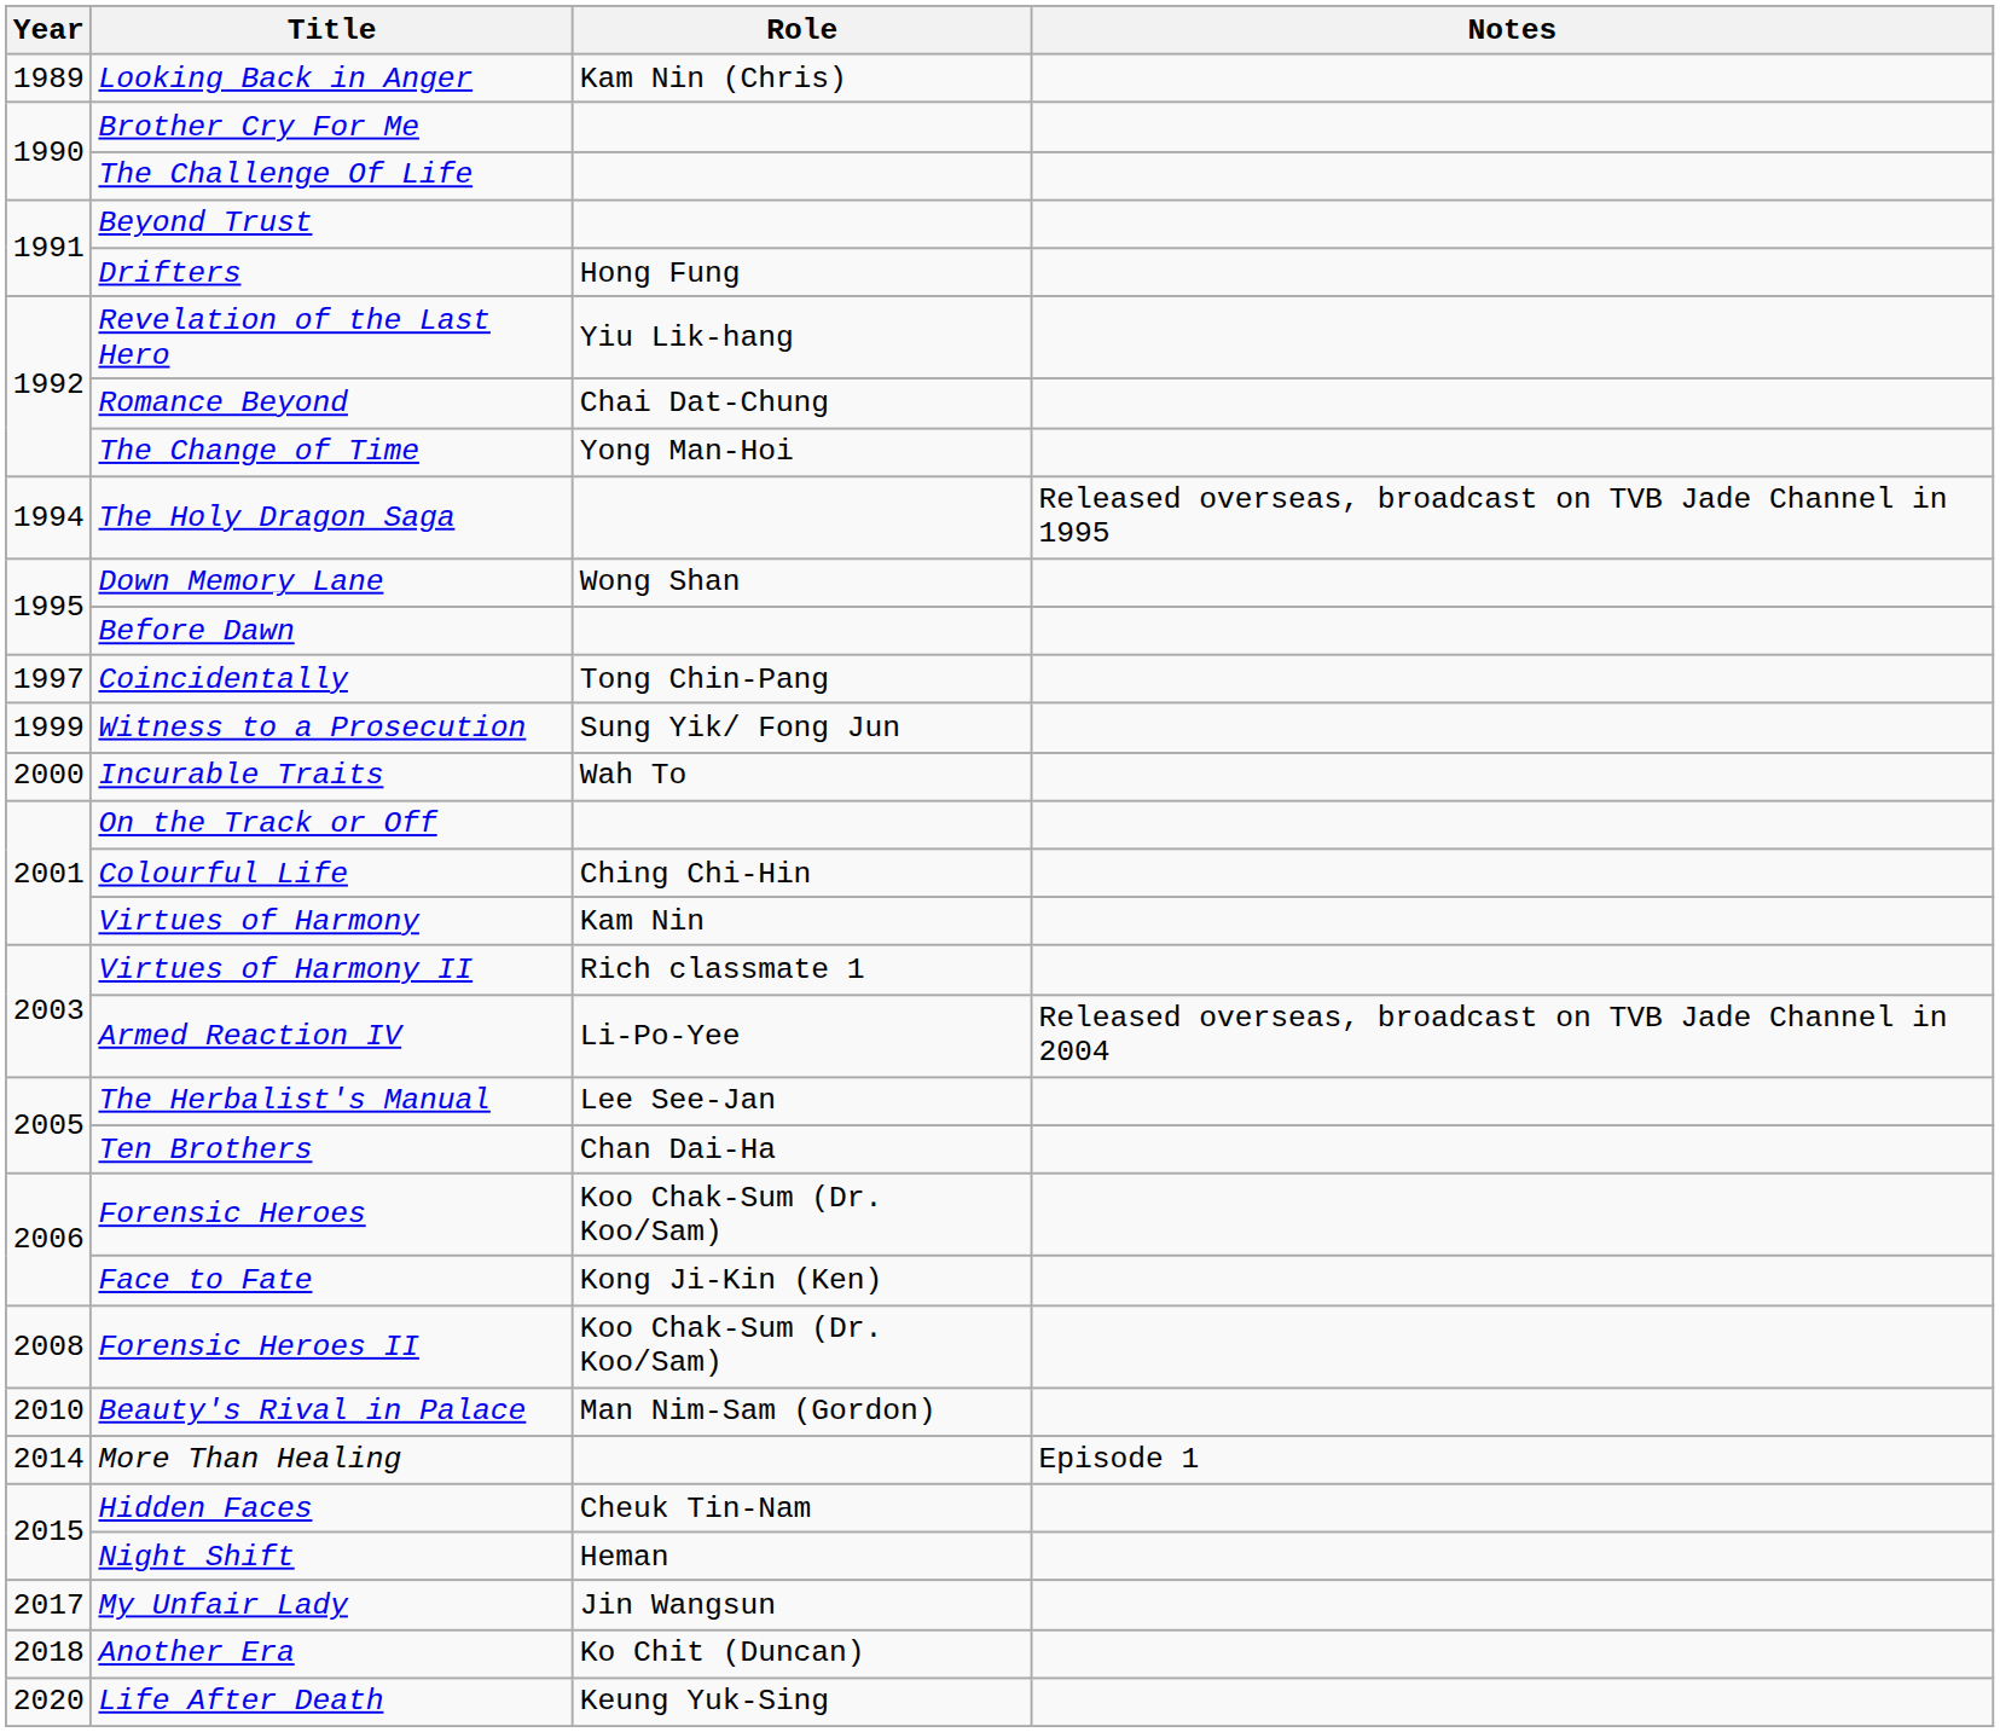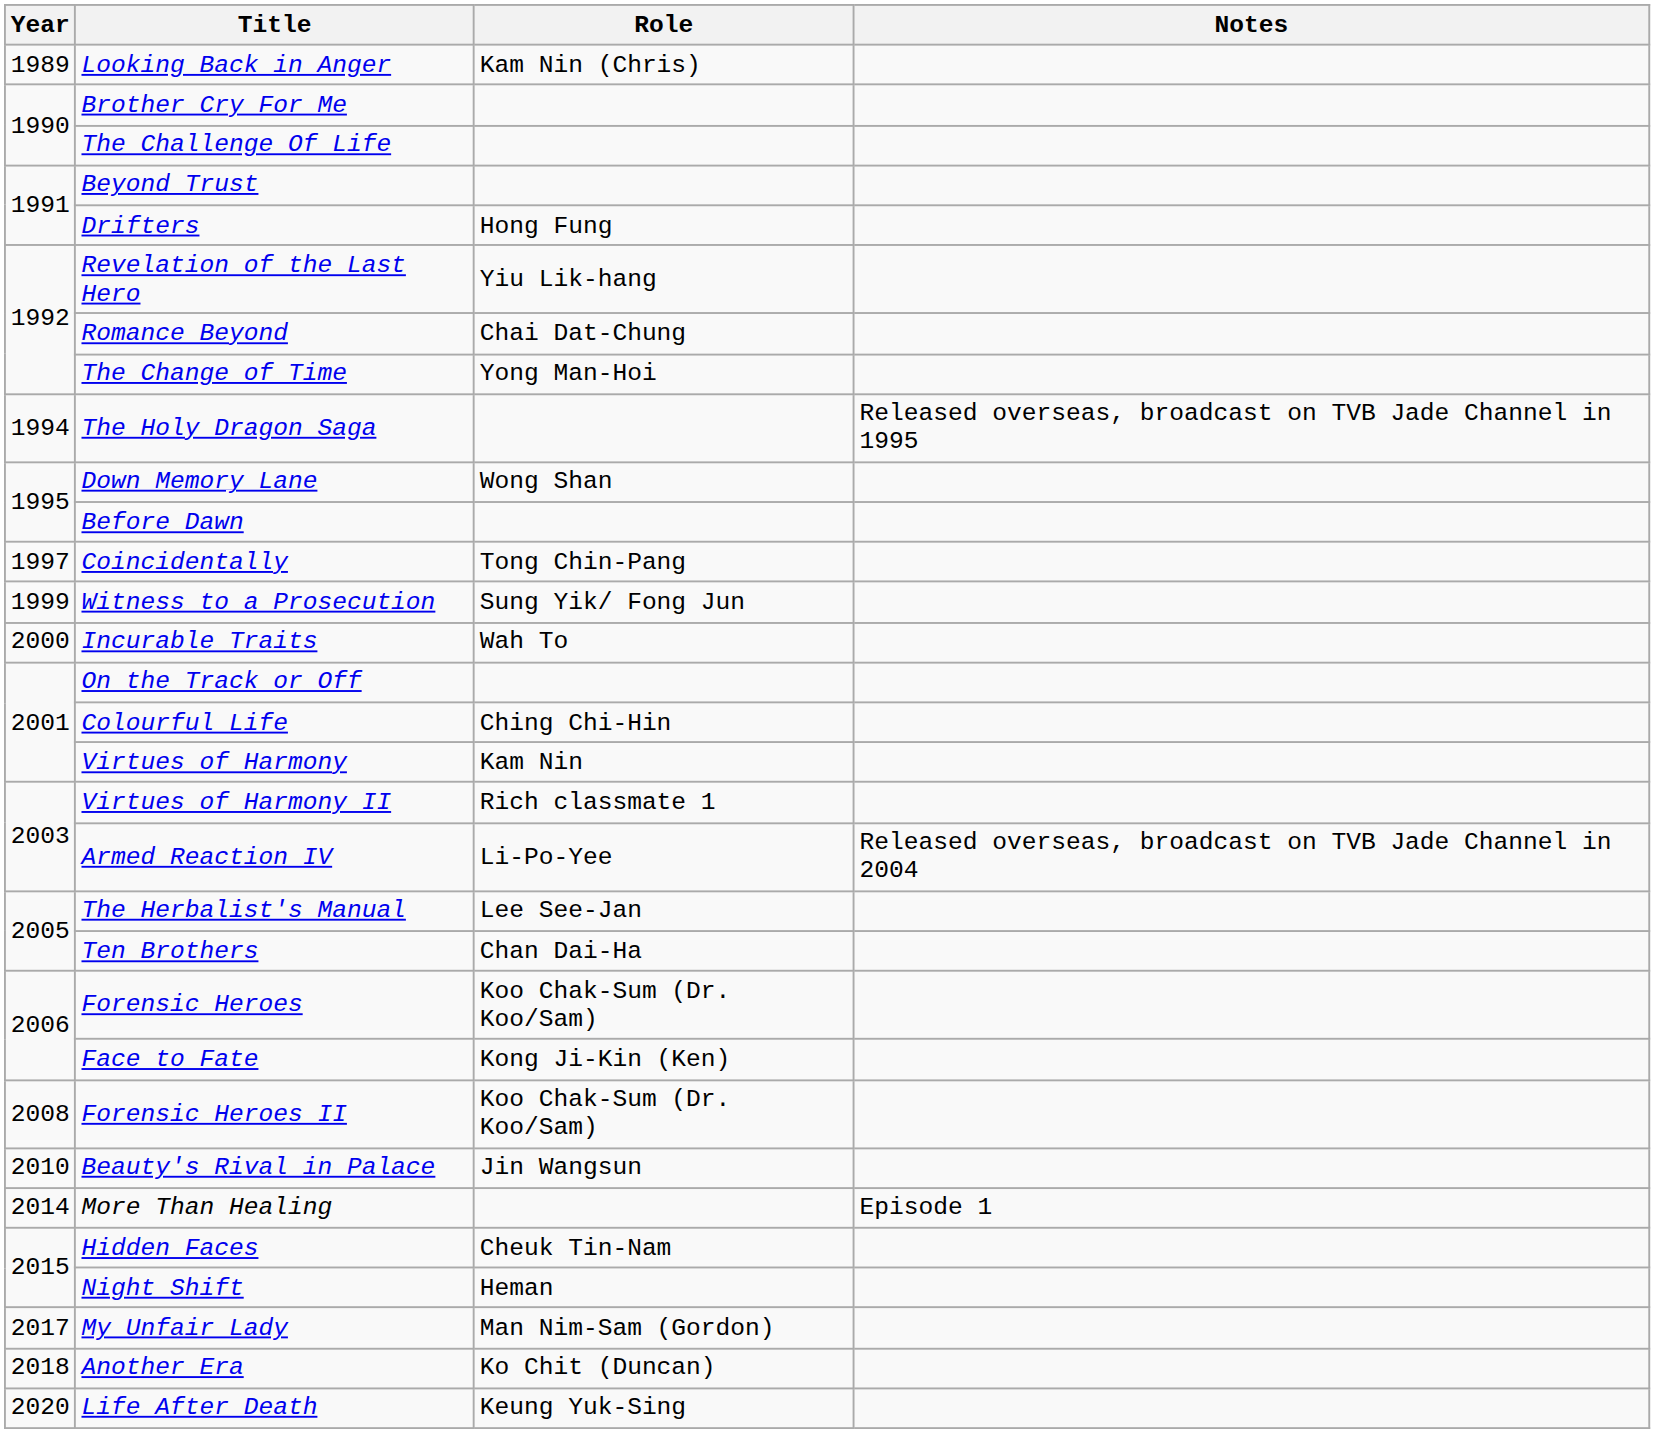 <table class="wikitable sortable">
 <tr align="center">
 <th>Year</th>
 <th>Title</th>
 <th>Role</th>
 <th class="unsortable">Notes</th>
 </tr>
 <tr>
 <td>1989</td>
 <td><em><a href='#'>Looking Back in Anger</a></em></td>
 <td>Kam Nin (Chris)</td>
 <td></td>
 </tr>
 <tr>
 <td rowspan="2">1990</td>
 <td><em><a href='#'>Brother Cry For Me</a></em></td>
 <td></td>
 <td></td>
 </tr>
 <tr>
 <td><em><a href='#'>The Challenge Of Life</a></em></td>
 <td></td>
 <td></td>
 </tr>
 <tr>
 <td rowspan="2">1991</td>
 <td><em><a href='#'>Beyond Trust</a></em></td>
 <td></td>
 <td></td>
 </tr>
 <tr>
 <td><em><a href='#'>Drifters</a></em></td>
 <td>Hong Fung</td>
 <td></td>
 </tr>
 <tr>
 <td rowspan="3">1992</td>
 <td><em><a href='#'>Revelation of the Last Hero</a></em></td>
 <td>Yiu Lik-hang</td>
 <td></td>
 </tr>
 <tr>
 <td><em><a href='#'>Romance Beyond</a></em></td>
 <td>Chai Dat-Chung</td>
 <td></td>
 </tr>
 <tr>
 <td><em><a href='#'>The Change of Time</a></em></td>
 <td>Yong Man-Hoi</td>
 <td></td>
 </tr>
 <tr>
 <td>1994</td>
 <td><em><a href='#'>The Holy Dragon Saga</a></em></td>
 <td></td>
 <td>Released overseas, broadcast on TVB Jade Channel in 1995</td>
 </tr>
 <tr>
 <td rowspan="2">1995</td>
 <td><em><a href='#'>Down Memory Lane</a></em></td>
 <td>Wong Shan</td>
 <td></td>
 </tr>
 <tr>
 <td><em><a href='#'>Before Dawn</a></em></td>
 <td></td>
 <td></td>
 </tr>
 <tr>
 <td>1997</td>
 <td><em><a href='#'>Coincidentally</a></em></td>
 <td>Tong Chin-Pang</td>
 <td></td>
 </tr>
 <tr>
 <td>1999</td>
 <td><em><a href='#'>Witness to a Prosecution</a></em></td>
 <td>Sung Yik/ Fong Jun</td>
 <td></td>
 </tr>
 <tr>
 <td>2000</td>
 <td><em><a href='#'>Incurable Traits</a></em></td>
 <td>Wah To</td>
 <td></td>
 </tr>
 <tr>
 <td rowspan="3">2001</td>
 <td><em><a href='#'>On the Track or Off</a></em></td>
 <td></td>
 <td></td>
 </tr>
 <tr>
 <td><em><a href='#'>Colourful Life</a></em></td>
 <td>Ching Chi-Hin</td>
 <td></td>
 </tr>
 <tr>
 <td><em><a href='#'>Virtues of Harmony</a></em></td>
 <td>Kam Nin</td>
 <td></td>
 </tr>
 <tr>
 <td rowspan="2">2003</td>
 <td><em><a href='#'>Virtues of Harmony II</a></em></td>
 <td>Rich classmate 1</td>
 <td></td>
 </tr>
 <tr>
 <td><em><a href='#'>Armed Reaction IV</a></em></td>
 <td>Li-Po-Yee</td>
 <td>Released overseas, broadcast on TVB Jade Channel in 2004</td>
 </tr>
 <tr>
 <td rowspan="2">2005</td>
 <td><em><a href='#'>The Herbalist's Manual</a></em></td>
 <td>Lee See-Jan</td>
 <td></td>
 </tr>
 <tr>
 <td><em><a href='#'>Ten Brothers</a></em></td>
 <td>Chan Dai-Ha</td>
 <td></td>
 </tr>
 <tr>
 <td rowspan="2">2006</td>
 <td><em><a href='#'>Forensic Heroes</a></em></td>
 <td>Koo Chak-Sum (Dr. Koo/Sam)</td>
 <td></td>
 </tr>
 <tr>
 <td><em><a href='#'>Face to Fate</a></em></td>
 <td>Kong Ji-Kin (Ken)</td>
 <td></td>
 </tr>
 <tr>
 <td>2008</td>
 <td><em><a href='#'>Forensic Heroes II</a></em></td>
 <td>Koo Chak-Sum (Dr. Koo/Sam)</td>
 <td></td>
 </tr>
 <tr>
 <td>2010</td>
 <td><em><a href='#'>Beauty's Rival in Palace</a></em></td>
-<td>Man Nim-Sam (Gordon)</td>
+<td>Jin Wangsun</td>
 <td></td>
 </tr>
 <tr>
 <td>2014</td>
 <td><em>More Than Healing</em></td>
 <td></td>
 <td>Episode 1</td>
 </tr>
 <tr>
 <td rowspan=2>2015</td>
 <td><em><a href='#'>Hidden Faces</a></em></td>
 <td>Cheuk Tin-Nam</td>
 <td></td>
 </tr>
 <tr>
 <td><em><a href='#'>Night Shift</a></em></td>
 <td>Heman</td>
 <td></td>
 </tr>
 <tr>
 <td>2017</td>
 <td><em><a href='#'>My Unfair Lady</a></em></td>
-<td>Jin Wangsun</td>
+<td>Man Nim-Sam (Gordon)</td>
 <td></td>
 </tr>
 <tr>
 <td>2018</td>
 <td><em><a href='#'>Another Era</a></em></td>
 <td>Ko Chit (Duncan)</td>
 <td></td>
 </tr>
 <tr>
 <td>2020</td>
 <td><em><a href='#'>Life After Death</a></em></td>
 <td>Keung Yuk-Sing</td>
 </tr>
 </table>
